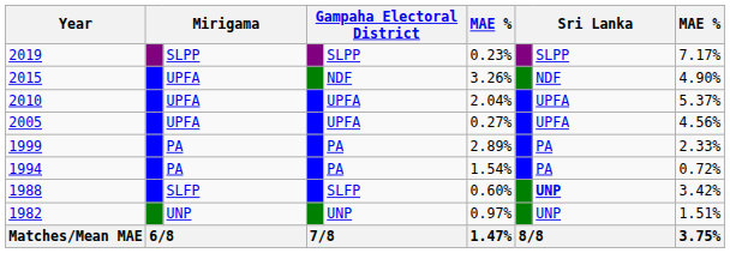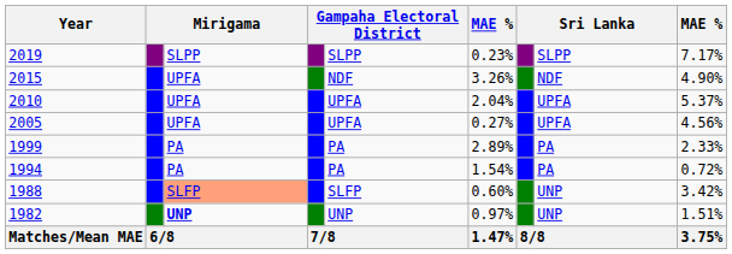 <table class="wikitable">
 <tr>
 <th>Year</th>
 <th colspan="2" width="144px">Mirigama</th>
 <th colspan="2" width="144px"><a href='#'>Gampaha Electoral District</a></th>
 <th><a href='#'>MAE</a> %</th>
 <th colspan="2" width="144px">Sri Lanka</th>
 <th>MAE %</th>
 </tr>
 <tr>
 <td><a href='#'>2019</a></td>
 <td style="background-color:purple;" width="10px"></td>
 <td style="text-align:left;"><a href='#'>SLPP</a></td>
 <td style="background-color:purple;" width="10px"></td>
 <td style="text-align:left;"><a href='#'>SLPP</a></td>
 <td style="text-align:right;">0.23%</td>
 <td style="background-color:purple;" width="10px"></td>
 <td style="text-align:left;"><a href='#'>SLPP</a></td>
 <td style="text-align:right;">7.17%</td>
 </tr>
 <tr>
 <td><a href='#'>2015</a></td>
 <td style="background-color:blue;" width="10px"></td>
 <td style="text-align:left;"><a href='#'>UPFA</a></td>
 <td style="background-color:green;" width="10px"></td>
 <td style="text-align:left;"><a href='#'>NDF</a></td>
 <td style="text-align:right;">3.26%</td>
 <td style="background-color:green;" width="10px"></td>
 <td style="text-align:left;"><a href='#'>NDF</a></td>
 <td style="text-align:right;">4.90%</td>
 </tr>
 <tr>
 <td><a href='#'>2010</a></td>
 <td style="background-color:blue;" width="10px"></td>
 <td style="text-align:left;"><a href='#'>UPFA</a></td>
 <td style="background-color:blue;" width="10px"></td>
 <td style="text-align:left;"><a href='#'>UPFA</a></td>
 <td style="text-align:right;">2.04%</td>
 <td style="background-color:blue;" width="10px"></td>
 <td style="text-align:left;"><a href='#'>UPFA</a></td>
 <td style="text-align:right;">5.37%</td>
 </tr>
 <tr>
 <td><a href='#'>2005</a></td>
 <td style="background-color:blue;" width="10px"></td>
 <td style="text-align:left;"><a href='#'>UPFA</a></td>
 <td style="background-color:blue;" width="10px"></td>
 <td style="text-align:left;"><a href='#'>UPFA</a></td>
 <td style="text-align:right;">0.27%</td>
 <td style="background-color:blue;" width="10px"></td>
 <td style="text-align:left;"><a href='#'>UPFA</a></td>
 <td style="text-align:right;">4.56%</td>
 </tr>
 <tr>
 <td><a href='#'>1999</a></td>
 <td style="background-color:blue;" width="10px"></td>
 <td style="text-align:left;"><a href='#'>PA</a></td>
 <td style="background-color:blue;" width="10px"></td>
 <td style="text-align:left;"><a href='#'>PA</a></td>
 <td style="text-align:right;">2.89%</td>
 <td style="background-color:blue;" width="10px"></td>
 <td style="text-align:left;"><a href='#'>PA</a></td>
 <td style="text-align:right;">2.33%</td>
 </tr>
 <tr>
 <td><a href='#'>1994</a></td>
 <td style="background-color:blue;" width="10px"></td>
 <td style="text-align:left;"><a href='#'>PA</a></td>
 <td style="background-color:blue;" width="10px"></td>
 <td style="text-align:left;"><a href='#'>PA</a></td>
 <td style="text-align:right;">1.54%</td>
 <td style="background-color:blue;" width="10px"></td>
 <td style="text-align:left;"><a href='#'>PA</a></td>
 <td style="text-align:right;">0.72%</td>
 </tr>
 <tr>
 <td><a href='#'>1988</a></td>
 <td style="background-color:blue;" width="10px"></td>
-<td style="text-align:left;"><a href='#'>SLFP</a></td>
+<td style="background: lightsalmon; text-align:left;"><a href='#'>SLFP</a></td>
 <td style="background-color:blue;" width="10px"></td>
 <td style="text-align:left;"><a href='#'>SLFP</a></td>
 <td style="text-align:right;">0.60%</td>
 <td style="background-color:green;" width="10px"></td>
-<td style="text-align:left;"><strong><a href='#'>UNP</a></strong></td>
+<td style="text-align:left;"><a href='#'>UNP</a></td>
 <td style="text-align:right;">3.42%</td>
 </tr>
 <tr>
 <td><a href='#'>1982</a></td>
 <td style="background-color:green;" width="10px"></td>
-<td style="text-align:left;"><a href='#'>UNP</a></td>
+<td style="text-align:left;"><strong><a href='#'>UNP</a></strong></td>
 <td style="background-color:green;" width="10px"></td>
 <td style="text-align:left;"><a href='#'>UNP</a></td>
 <td style="text-align:right;">0.97%</td>
 <td style="background-color:green;" width="10px"></td>
 <td style="text-align:left;"><a href='#'>UNP</a></td>
 <td style="text-align:right;">1.51%</td>
 </tr>
 <tr>
 <th>Matches/Mean MAE</th>
 <th style="text-align:left;"colspan="2" width="144px">6/8</th>
 <th style="text-align:left;"colspan="2" width="144px">7/8</th>
 <th style="text-align:right;">1.47%</th>
 <th style="text-align:left;"colspan="2" width="144px">8/8</th>
 <th style="text-align:right;">3.75%</th>
 </tr>
 </table>
